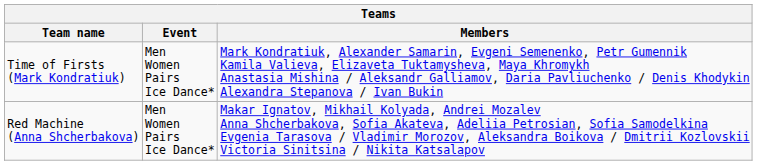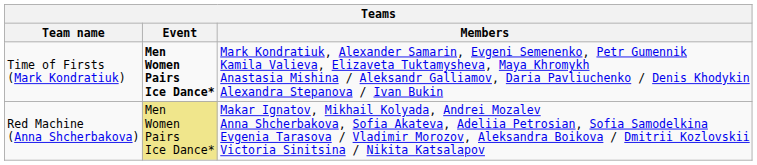 <table class="wikitable">
 <tr>
 <th colspan=6 align=center>Teams</th>
 </tr>
 <tr>
 <th>Team name</th>
 <th>Event</th>
 <th>Members</th>
 </tr>
 <tr>
 <td>Time of Firsts <br> (<a href='#'>Mark Kondratiuk</a>)</td>
-<td>Men <br> Women <br> Pairs <br> Ice Dance*</td>
+<td><strong>Men <br> Women <br> Pairs <br> Ice Dance*</strong></td>
 <td><a href='#'>Mark Kondratiuk</a>, <a href='#'>Alexander Samarin</a>, <a href='#'>Evgeni Semenenko</a>, <a href='#'>Petr Gumennik</a> <br> <a href='#'>Kamila Valieva</a>, <a href='#'>Elizaveta Tuktamysheva</a>, <a href='#'>Maya Khromykh</a> <br> <a href='#'>Anastasia Mishina</a> / <a href='#'>Aleksandr Galliamov</a>, <a href='#'>Daria Pavliuchenko</a> / <a href='#'>Denis Khodykin</a> <br> <a href='#'>Alexandra Stepanova</a> / <a href='#'>Ivan Bukin</a></td>
 </tr>
 <tr>
 <td>Red Machine <br> (<a href='#'>Anna Shcherbakova</a>)</td>
-<td>Men <br> Women <br> Pairs <br> Ice Dance*</td>
+<td style="background: khaki;">Men <br> Women <br> Pairs <br> Ice Dance*</td>
 <td><a href='#'>Makar Ignatov</a>, <a href='#'>Mikhail Kolyada</a>, <a href='#'>Andrei Mozalev</a> <br> <a href='#'>Anna Shcherbakova</a>, <a href='#'>Sofia Akateva</a>, <a href='#'>Adeliia Petrosian</a>, <a href='#'>Sofia Samodelkina</a> <br> <a href='#'>Evgenia Tarasova</a> / <a href='#'>Vladimir Morozov</a>, <a href='#'>Aleksandra Boikova</a> / <a href='#'>Dmitrii Kozlovskii</a> <br> <a href='#'>Victoria Sinitsina</a> / <a href='#'>Nikita Katsalapov</a></td>
 </tr>
 </table>
